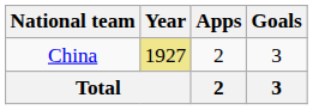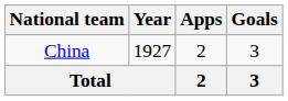 <table class="wikitable" style="text-align:center">
 <tr>
 <th>National team</th>
 <th>Year</th>
 <th>Apps</th>
 <th>Goals</th>
 </tr>
 <tr>
 <td><a href='#'>China</a></td>
-<td style="background: khaki;">1927</td>
+<td>1927</td>
 <td>2</td>
 <td>3</td>
 </tr>
 <tr>
 <th colspan=2>Total</th>
 <th>2</th>
 <th>3</th>
 </tr>
 </table>
